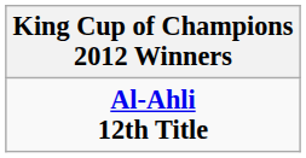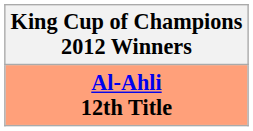 <table class="wikitable" style="text-align: center; margin: 0 auto;">
 <tr>
 <th>King Cup of Champions <br>2012 Winners</th>
 </tr>
 <tr>
-<td><strong><a href='#'>Al-Ahli</a></strong><br><strong>12th Title</strong></td>
+<td style="background: lightsalmon;"><strong><a href='#'>Al-Ahli</a></strong><br><strong>12th Title</strong></td>
 </tr>
 </table>
